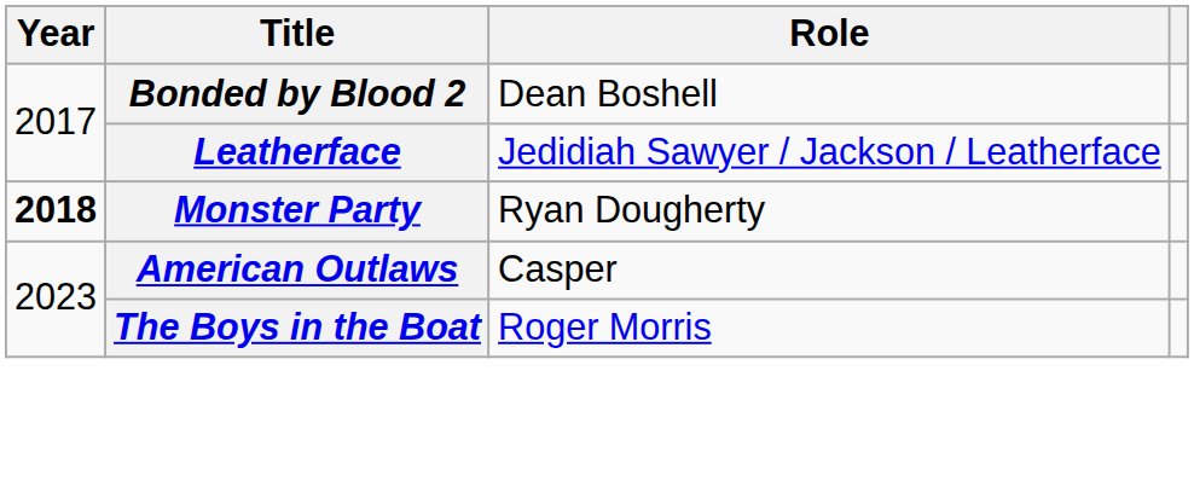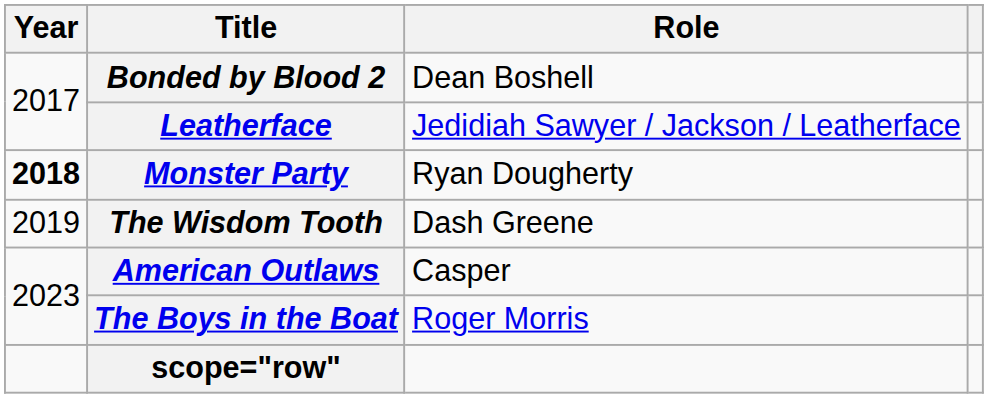 <table class="wikitable sortable plainrowheaders">
 <tr>
 <th scope="col">Year</th>
 <th scope="col">Title</th>
 <th scope="col">Role</th>
 <th scope="col" class="unsortable"></th>
 </tr>
 <tr>
 <td rowspan="2">2017</td>
 <th scope="row"><em>Bonded by Blood 2</em></th>
 <td>Dean Boshell</td>
 <td></td>
 </tr>
 <tr>
 <th scope="row"><em><a href='#'>Leatherface</a></em></th>
 <td><a href='#'>Jedidiah Sawyer / Jackson / Leatherface</a></td>
 <td></td>
 </tr>
 <tr>
 <td><strong>2018</strong></td>
 <th scope="row"><em><a href='#'>Monster Party</a></em></th>
 <td>Ryan Dougherty</td>
 <td></td>
 </tr>
 <tr>
+<td>2019</td>
+<th scope="row"><em>The Wisdom Tooth</em></th>
+<td>Dash Greene</td>
+<td></td>
+</tr>
+<tr>
 <td rowspan="2">2023</td>
 <th scope="row"><em><a href='#'>American Outlaws</a></em></th>
 <td>Casper</td>
 <td></td>
 </tr>
 <tr>
 <th scope="row"><em><a href='#'>The Boys in the Boat</a></em></th>
 <td><a href='#'>Roger Morris</a></td>
 <td></td>
 </tr>
+<tr>
+<td></td>
+<th>scope="row" </th>
+<td></td>
+<td></td>
+</tr>
 </table>
